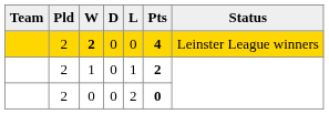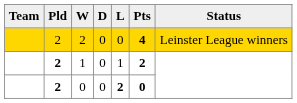 <table style=border-collapse:collapse border=1 cellspacing=0 cellpadding=5>
 <tr align=center bgcolor=#efefef>
 <th>Team</th>
 <th>Pld</th>
 <th>W</th>
 <th>D</th>
 <th>L</th>
 <th>Pts</th>
 <th>Status</th>
 </tr>
 <tr align=center style="background:gold;">
 <td style="text-align:left;"> </td>
 <td>2</td>
-<td><strong>2</strong></td>
+<td>2</td>
 <td>0</td>
 <td>0</td>
 <td><strong>4</strong></td>
 <td rowspan=1>Leinster League winners</td>
 </tr>
 <tr align=center style="background:#FFFFFF;">
 <td style="text-align:left;"> </td>
-<td>2</td>
+<td><strong>2</strong></td>
 <td>1</td>
 <td>0</td>
 <td>1</td>
 <td><strong>2</strong></td>
 <td rowspan=2></td>
 </tr>
 <tr align=center style="background:#FFFFFF;">
 <td style="text-align:left;"> </td>
-<td>2</td>
+<td><strong>2</strong></td>
 <td>0</td>
 <td>0</td>
-<td>2</td>
+<td><strong>2</strong></td>
 <td><strong>0</strong></td>
 </tr>
 </table>
